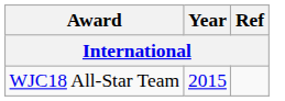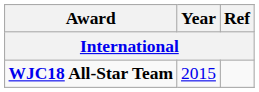 <table class="wikitable">
 <tr>
 <th>Award</th>
 <th>Year</th>
 <th>Ref</th>
 </tr>
 <tr>
 <th colspan="3"><a href='#'>International</a></th>
 </tr>
 <tr>
-<td><a href='#'>WJC18</a> All-Star Team</td>
+<td><strong><a href='#'>WJC18</a> All-Star Team</strong></td>
 <td><a href='#'>2015</a></td>
 <td></td>
 </tr>
 </table>
